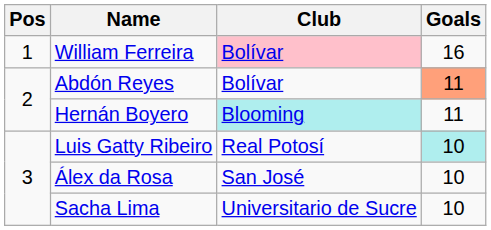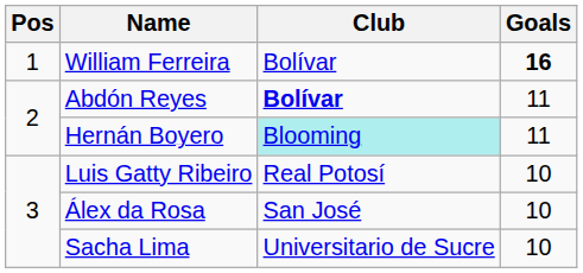 <table class="wikitable" border="1">
 <tr>
 <th width="23">Pos</th>
 <th>Name</th>
 <th>Club</th>
 <th>Goals</th>
 </tr>
 <tr>
 <td align="center" rowspan=1>1</td>
 <td> <a href='#'>William Ferreira</a></td>
-<td style="background: pink;"><a href='#'>Bolívar</a></td>
-<td align="center">16</td>
+<td><a href='#'>Bolívar</a></td>
+<td align="center"><strong>16</strong></td>
 </tr>
 <tr>
 <td align="center" rowspan=2>2</td>
 <td> <a href='#'>Abdón Reyes</a></td>
-<td><a href='#'>Bolívar</a></td>
-<td align="center" style="background: lightsalmon;">11</td>
+<td><strong><a href='#'>Bolívar</a></strong></td>
+<td align="center">11</td>
 </tr>
 <tr>
 <td> <a href='#'>Hernán Boyero</a></td>
 <td style="background: paleturquoise;"><a href='#'>Blooming</a></td>
 <td align="center">11</td>
 </tr>
 <tr>
 <td align="center" rowspan=3>3</td>
 <td> <a href='#'>Luis Gatty Ribeiro</a></td>
 <td><a href='#'>Real Potosí</a></td>
-<td align="center" style="background: paleturquoise;">10</td>
+<td align="center">10</td>
 </tr>
 <tr>
 <td> <a href='#'>Álex da Rosa</a></td>
 <td><a href='#'>San José</a></td>
 <td align="center">10</td>
 </tr>
 <tr>
 <td> <a href='#'>Sacha Lima</a></td>
 <td><a href='#'>Universitario de Sucre</a></td>
 <td align="center">10</td>
 </tr>
 </table>
